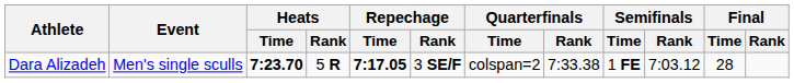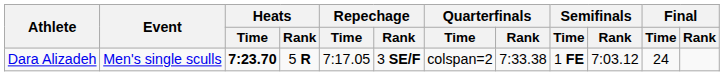 <table class=wikitable style=font-size:90%;text-align:center>
 <tr>
 <th rowspan=2>Athlete</th>
 <th rowspan=2>Event</th>
 <th colspan=2>Heats</th>
 <th colspan=2>Repechage</th>
 <th colspan=2>Quarterfinals</th>
 <th colspan=2>Semifinals</th>
 <th colspan=2>Final</th>
 </tr>
 <tr style=font-size:95%>
 <th>Time</th>
 <th>Rank</th>
 <th>Time</th>
 <th>Rank</th>
 <th>Time</th>
 <th>Rank</th>
 <th>Time</th>
 <th>Rank</th>
 <th>Time</th>
 <th>Rank</th>
 </tr>
 <tr>
 <td align=left><a href='#'>Dara Alizadeh</a></td>
 <td align=left><a href='#'>Men's single sculls</a></td>
 <td><strong>7:23.70</strong></td>
 <td>5 <strong>R</strong></td>
-<td><strong>7:17.05</strong></td>
+<td>7:17.05</td>
 <td>3 <strong>SE/F</strong></td>
 <td>colspan=2 </td>
 <td>7:33.38</td>
 <td>1 <strong>FE</strong></td>
 <td>7:03.12</td>
-<td>28</td>
+<td>24</td>
 </tr>
 </table>
